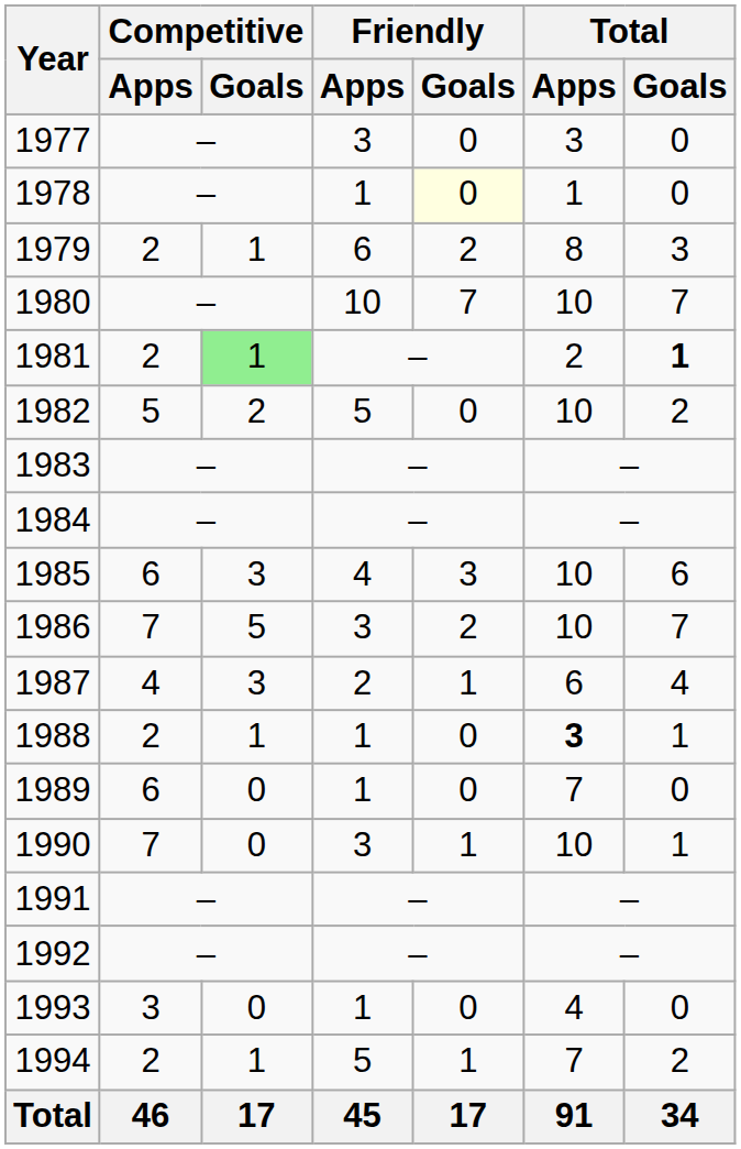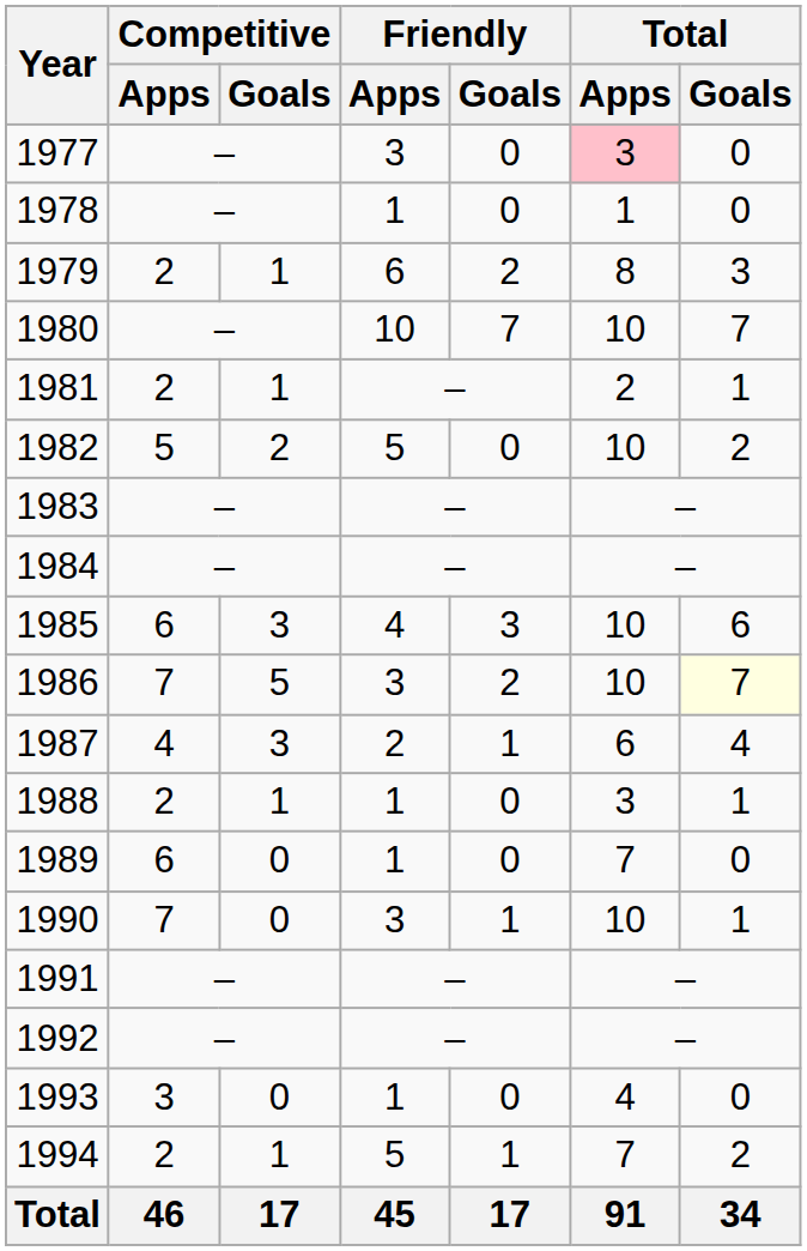 <table class="wikitable" style="text-align:center">
 <tr>
 <th rowspan="2">Year</th>
 <th colspan="2">Competitive</th>
 <th colspan="2">Friendly</th>
 <th colspan="2">Total</th>
 </tr>
 <tr>
 <th>Apps</th>
 <th>Goals</th>
 <th>Apps</th>
 <th>Goals</th>
 <th>Apps</th>
 <th>Goals</th>
 </tr>
 <tr>
 <td>1977</td>
 <td colspan="2">–</td>
 <td>3</td>
 <td>0</td>
-<td>3</td>
+<td style="background: pink;">3</td>
 <td>0</td>
 </tr>
 <tr>
 <td>1978</td>
 <td colspan="2">–</td>
 <td>1</td>
-<td style="background: lightyellow;">0</td>
+<td>0</td>
 <td>1</td>
 <td>0</td>
 </tr>
 <tr>
 <td>1979</td>
 <td>2</td>
 <td>1</td>
 <td>6</td>
 <td>2</td>
 <td>8</td>
 <td>3</td>
 </tr>
 <tr>
 <td>1980</td>
 <td colspan="2">–</td>
 <td>10</td>
 <td>7</td>
 <td>10</td>
 <td>7</td>
 </tr>
 <tr>
 <td>1981</td>
 <td>2</td>
-<td style="background: lightgreen;">1</td>
+<td>1</td>
 <td colspan="2">–</td>
 <td>2</td>
-<td><strong>1</strong></td>
+<td>1</td>
 </tr>
 <tr>
 <td>1982</td>
 <td>5</td>
 <td>2</td>
 <td>5</td>
 <td>0</td>
 <td>10</td>
 <td>2</td>
 </tr>
 <tr>
 <td>1983</td>
 <td colspan="2">–</td>
 <td colspan="2">–</td>
 <td colspan="2">–</td>
 </tr>
 <tr>
 <td>1984</td>
 <td colspan="2">–</td>
 <td colspan="2">–</td>
 <td colspan="2">–</td>
 </tr>
 <tr>
 <td>1985</td>
 <td>6</td>
 <td>3</td>
 <td>4</td>
 <td>3</td>
 <td>10</td>
 <td>6</td>
 </tr>
 <tr>
 <td>1986</td>
 <td>7</td>
 <td>5</td>
 <td>3</td>
 <td>2</td>
 <td>10</td>
-<td>7</td>
+<td style="background: lightyellow;">7</td>
 </tr>
 <tr>
 <td>1987</td>
 <td>4</td>
 <td>3</td>
 <td>2</td>
 <td>1</td>
 <td>6</td>
 <td>4</td>
 </tr>
 <tr>
 <td>1988</td>
 <td>2</td>
 <td>1</td>
 <td>1</td>
 <td>0</td>
-<td><strong>3</strong></td>
+<td>3</td>
 <td>1</td>
 </tr>
 <tr>
 <td>1989</td>
 <td>6</td>
 <td>0</td>
 <td>1</td>
 <td>0</td>
 <td>7</td>
 <td>0</td>
 </tr>
 <tr>
 <td>1990</td>
 <td>7</td>
 <td>0</td>
 <td>3</td>
 <td>1</td>
 <td>10</td>
 <td>1</td>
 </tr>
 <tr>
 <td>1991</td>
 <td colspan="2">–</td>
 <td colspan="2">–</td>
 <td colspan="2">–</td>
 </tr>
 <tr>
 <td>1992</td>
 <td colspan="2">–</td>
 <td colspan="2">–</td>
 <td colspan="2">–</td>
 </tr>
 <tr>
 <td>1993</td>
 <td>3</td>
 <td>0</td>
 <td>1</td>
 <td>0</td>
 <td>4</td>
 <td>0</td>
 </tr>
 <tr>
 <td>1994</td>
 <td>2</td>
 <td>1</td>
 <td>5</td>
 <td>1</td>
 <td>7</td>
 <td>2</td>
 </tr>
 <tr>
 <th>Total</th>
 <th>46</th>
 <th>17</th>
 <th>45</th>
 <th>17</th>
 <th>91</th>
 <th>34</th>
 </tr>
 </table>
